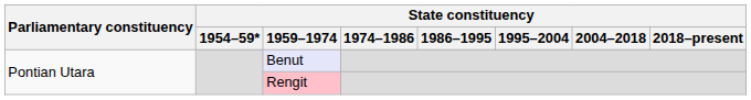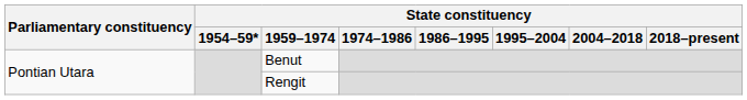 <table class="wikitable">
 <tr>
 <th rowspan="2">Parliamentary constituency</th>
 <th colspan="7">State constituency</th>
 </tr>
 <tr>
 <th>1954–59*</th>
 <th>1959–1974</th>
 <th>1974–1986</th>
 <th>1986–1995</th>
 <th>1995–2004</th>
 <th>2004–2018</th>
 <th>2018–present</th>
 </tr>
 <tr>
 <td rowspan="2">Pontian Utara</td>
 <td rowspan="2" bgcolor="dcdcdc"></td>
-<td style="background: lavender;">Benut</td>
+<td>Benut</td>
 <td colspan="5" bgcolor="dcdcdc"></td>
 </tr>
 <tr>
-<td style="background: pink;">Rengit</td>
+<td>Rengit</td>
 <td colspan="5" bgcolor="dcdcdc"></td>
 </tr>
 </table>
